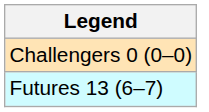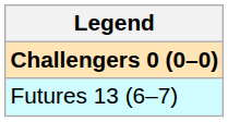 <table class=wikitable style=font-size:97%>
 <tr>
 <th>Legend</th>
 </tr>
 <tr style="background:moccasin;">
-<td>Challengers 0 (0–0)</td>
+<td><strong>Challengers 0 (0–0)</strong></td>
 </tr>
 <tr style="background:#cffcff;">
 <td>Futures 13 (6–7)</td>
 </tr>
 </table>
